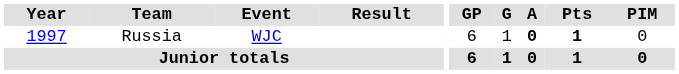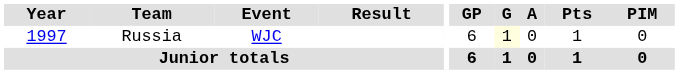 <table border="0" cellpadding="1" cellspacing="0" ID="Table3" style="text-align:center; width:40em">
 <tr ALIGN="center" bgcolor="#e0e0e0">
 <th>Year</th>
 <th>Team</th>
 <th>Event</th>
 <th>Result</th>
 <th rowspan="99" bgcolor="#ffffff"></th>
 <th>GP</th>
 <th>G</th>
 <th>A</th>
 <th>Pts</th>
 <th>PIM</th>
 </tr>
 <tr ALIGN="center">
 <td><a href='#'>1997</a></td>
 <td>Russia</td>
 <td><a href='#'>WJC</a></td>
 <td></td>
 <td>6</td>
+<td style="background: lightyellow;">1</td>
+<td>0</td>
 <td>1</td>
-<td><strong>0</strong></td>
-<td><strong>1</strong></td>
 <td>0</td>
 </tr>
 <tr bgcolor="#e0e0e0">
 <th colspan="4">Junior totals</th>
 <th>6</th>
 <th>1</th>
 <th>0</th>
 <th>1</th>
 <th>0</th>
 </tr>
 </table>
